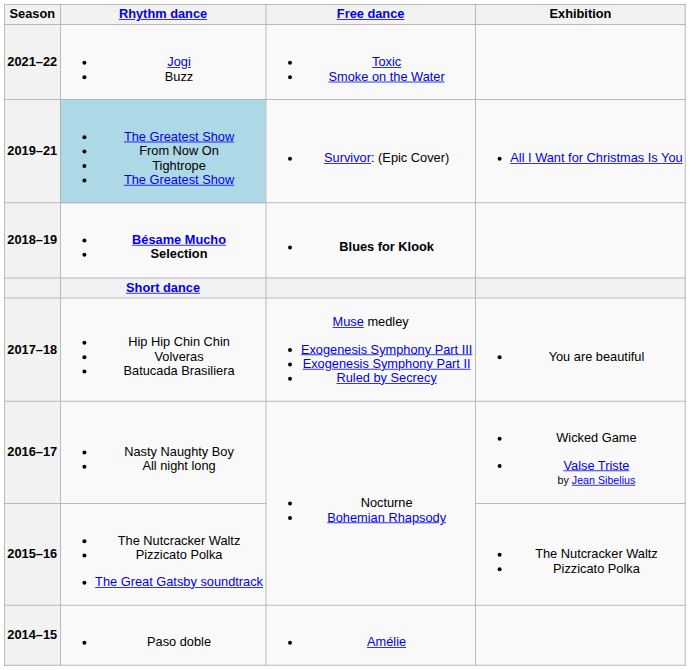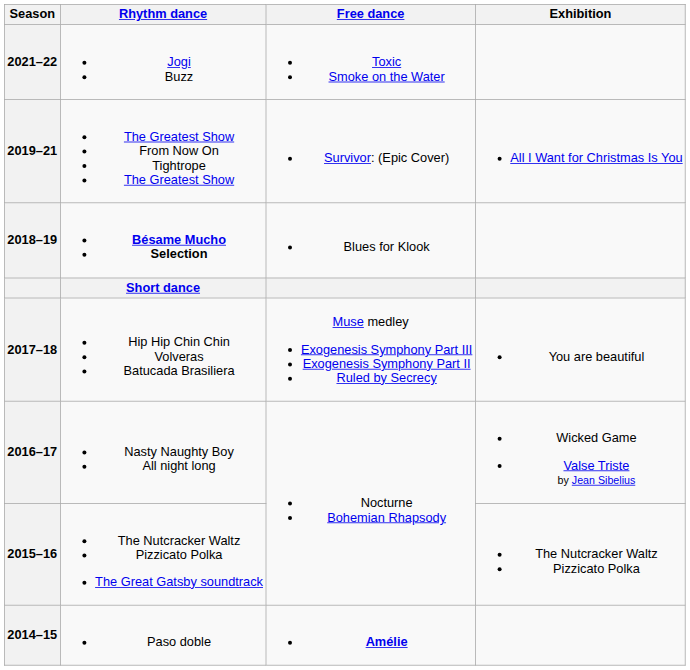 <table class="wikitable" style="text-align:center">
 <tr>
 <th>Season</th>
 <th><a href='#'>Rhythm dance</a></th>
 <th><a href='#'>Free dance</a></th>
 <th>Exhibition</th>
 </tr>
 <tr>
 <th>2021–22 <br></th>
 <td><br><ul><li><a href='#'>Jogi</a> <br> </li><li>Buzz <br> </li></ul></td>
 <td><br><ul><li><a href='#'>Toxic</a></li><li><a href='#'>Smoke on the Water</a> <br> </li></ul></td>
 <td></td>
 </tr>
 <tr>
 <th>2019–21 <br></th>
-<td style="background: lightblue;"><br><ul><li> <a href='#'>The Greatest Show</a></li><li> From Now On</li><li> Tightrope <br> </li><li> <a href='#'>The Greatest Show</a> <br> </li></ul></td>
+<td><br><ul><li> <a href='#'>The Greatest Show</a></li><li> From Now On</li><li> Tightrope <br> </li><li> <a href='#'>The Greatest Show</a> <br> </li></ul></td>
 <td><br><ul><li><a href='#'>Survivor</a>: (Epic Cover)<br> </li></ul></td>
 <td><br><ul><li><a href='#'>All I Want for Christmas Is You</a> <br></li></ul></td>
 </tr>
 <tr>
 <th>2018–19 <br></th>
 <td><strong><br><ul><li> <a href='#'>Bésame Mucho</a></li><li> Selection <br> </li></ul></strong></td>
-<td><strong><br><ul><li>Blues for Klook <br> </li></ul></strong></td>
+<td><br><ul><li>Blues for Klook <br> </li></ul></td>
 <td></td>
 </tr>
 <tr>
 <th></th>
 <th><a href='#'>Short dance</a></th>
 <th></th>
 <th></th>
 </tr>
 <tr>
 <th>2017–18 <br></th>
 <td><br><ul><li> Hip Hip Chin Chin <br> </li><li> Volveras <br> </li><li> Batucada Brasiliera <br> </li></ul></td>
 <td><br><a href='#'>Muse</a> medley<ul><li><a href='#'>Exogenesis Symphony Part III</a></li><li><a href='#'>Exogenesis Symphony Part II</a></li><li><a href='#'>Ruled by Secrecy</a></li></ul></td>
 <td><br><ul><li>You are beautiful <br></li></ul></td>
 </tr>
 <tr>
 <th>2016–17 <br></th>
 <td><br><ul><li> Nasty Naughty Boy <br></li><li> All night long <br></li></ul></td>
 <td rowspan=2><br><ul><li>Nocturne</li><li><a href='#'>Bohemian Rhapsody</a> <br></li></ul></td>
 <td><br><ul><li>Wicked Game <br></li></ul><ul><li><a href='#'>Valse Triste</a><br><small>by <a href='#'>Jean Sibelius</a></small></li></ul></td>
 </tr>
 <tr>
 <th>2015–16 <br></th>
 <td><br><ul><li>The Nutcracker Waltz <br></li><li>Pizzicato Polka <br></li></ul><ul><li><a href='#'>The Great Gatsby soundtrack</a></li></ul></td>
 <td><br><ul><li>The Nutcracker Waltz <br></li><li>Pizzicato Polka <br></li></ul></td>
 </tr>
 <tr>
 <th>2014–15</th>
 <td><br><ul><li>Paso doble</li></ul></td>
-<td><br><ul><li><a href='#'>Amélie</a> <br></li></ul></td>
+<td><strong><br><ul><li><a href='#'>Amélie</a> <br></li></ul></strong></td>
 <td></td>
 </tr>
 </table>
